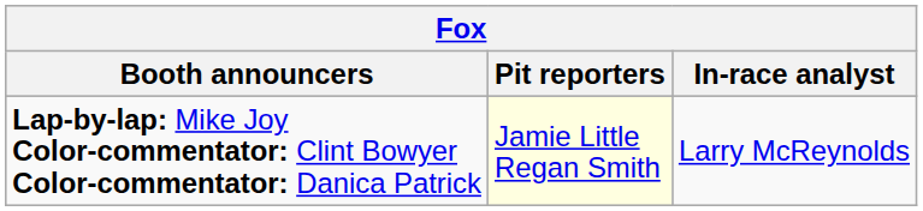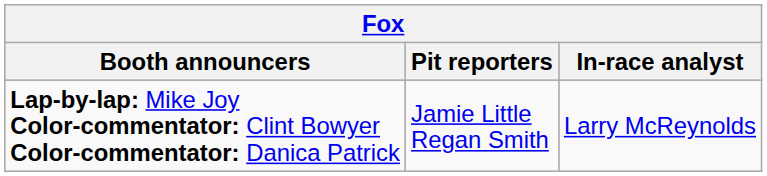 <table class="wikitable" style="font-size: 95%">
 <tr>
 <th colspan="3"><a href='#'>Fox</a></th>
 </tr>
 <tr>
 <th>Booth announcers</th>
 <th>Pit reporters</th>
 <th>In-race analyst</th>
 </tr>
 <tr>
 <td><strong>Lap-by-lap:</strong> <a href='#'>Mike Joy</a><br><strong>Color-commentator:</strong> <a href='#'>Clint Bowyer</a><br><strong>Color-commentator:</strong> <a href='#'>Danica Patrick</a></td>
-<td style="background: lightyellow;"><a href='#'>Jamie Little</a><br><a href='#'>Regan Smith</a></td>
+<td><a href='#'>Jamie Little</a><br><a href='#'>Regan Smith</a></td>
 <td><a href='#'>Larry McReynolds</a></td>
 </tr>
 </table>
